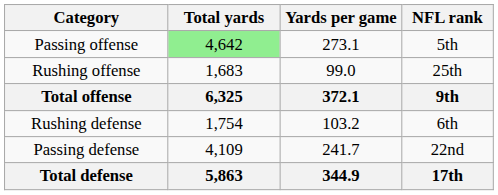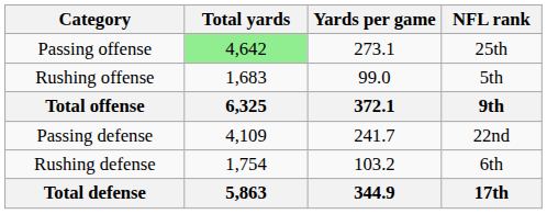 <table class="wikitable" style="text-align:center">
 <tr>
 <th width="150">Category</th>
 <th width="100">Total yards</th>
 <th width="110">Yards per game</th>
 <th width="80">NFL rank<br></th>
 </tr>
 <tr>
 <td>Passing offense</td>
 <td style="background: lightgreen;">4,642</td>
 <td>273.1</td>
-<td>5th</td>
+<td>25th</td>
 </tr>
 <tr>
 <td>Rushing offense</td>
 <td>1,683</td>
 <td>99.0</td>
-<td>25th</td>
+<td>5th</td>
 </tr>
 <tr>
 <th>Total offense</th>
 <th>6,325</th>
 <th>372.1</th>
 <th>9th</th>
 </tr>
 <tr>
+<td>Passing defense</td>
+<td>4,109</td>
+<td>241.7</td>
+<td>22nd</td>
+</tr>
+<tr>
 <td>Rushing defense</td>
 <td>1,754</td>
 <td>103.2</td>
 <td>6th</td>
-</tr>
-<tr>
-<td>Passing defense</td>
-<td>4,109</td>
-<td>241.7</td>
-<td>22nd</td>
 </tr>
 <tr>
 <th>Total defense</th>
 <th>5,863</th>
 <th>344.9</th>
 <th>17th</th>
 </tr>
 </table>
